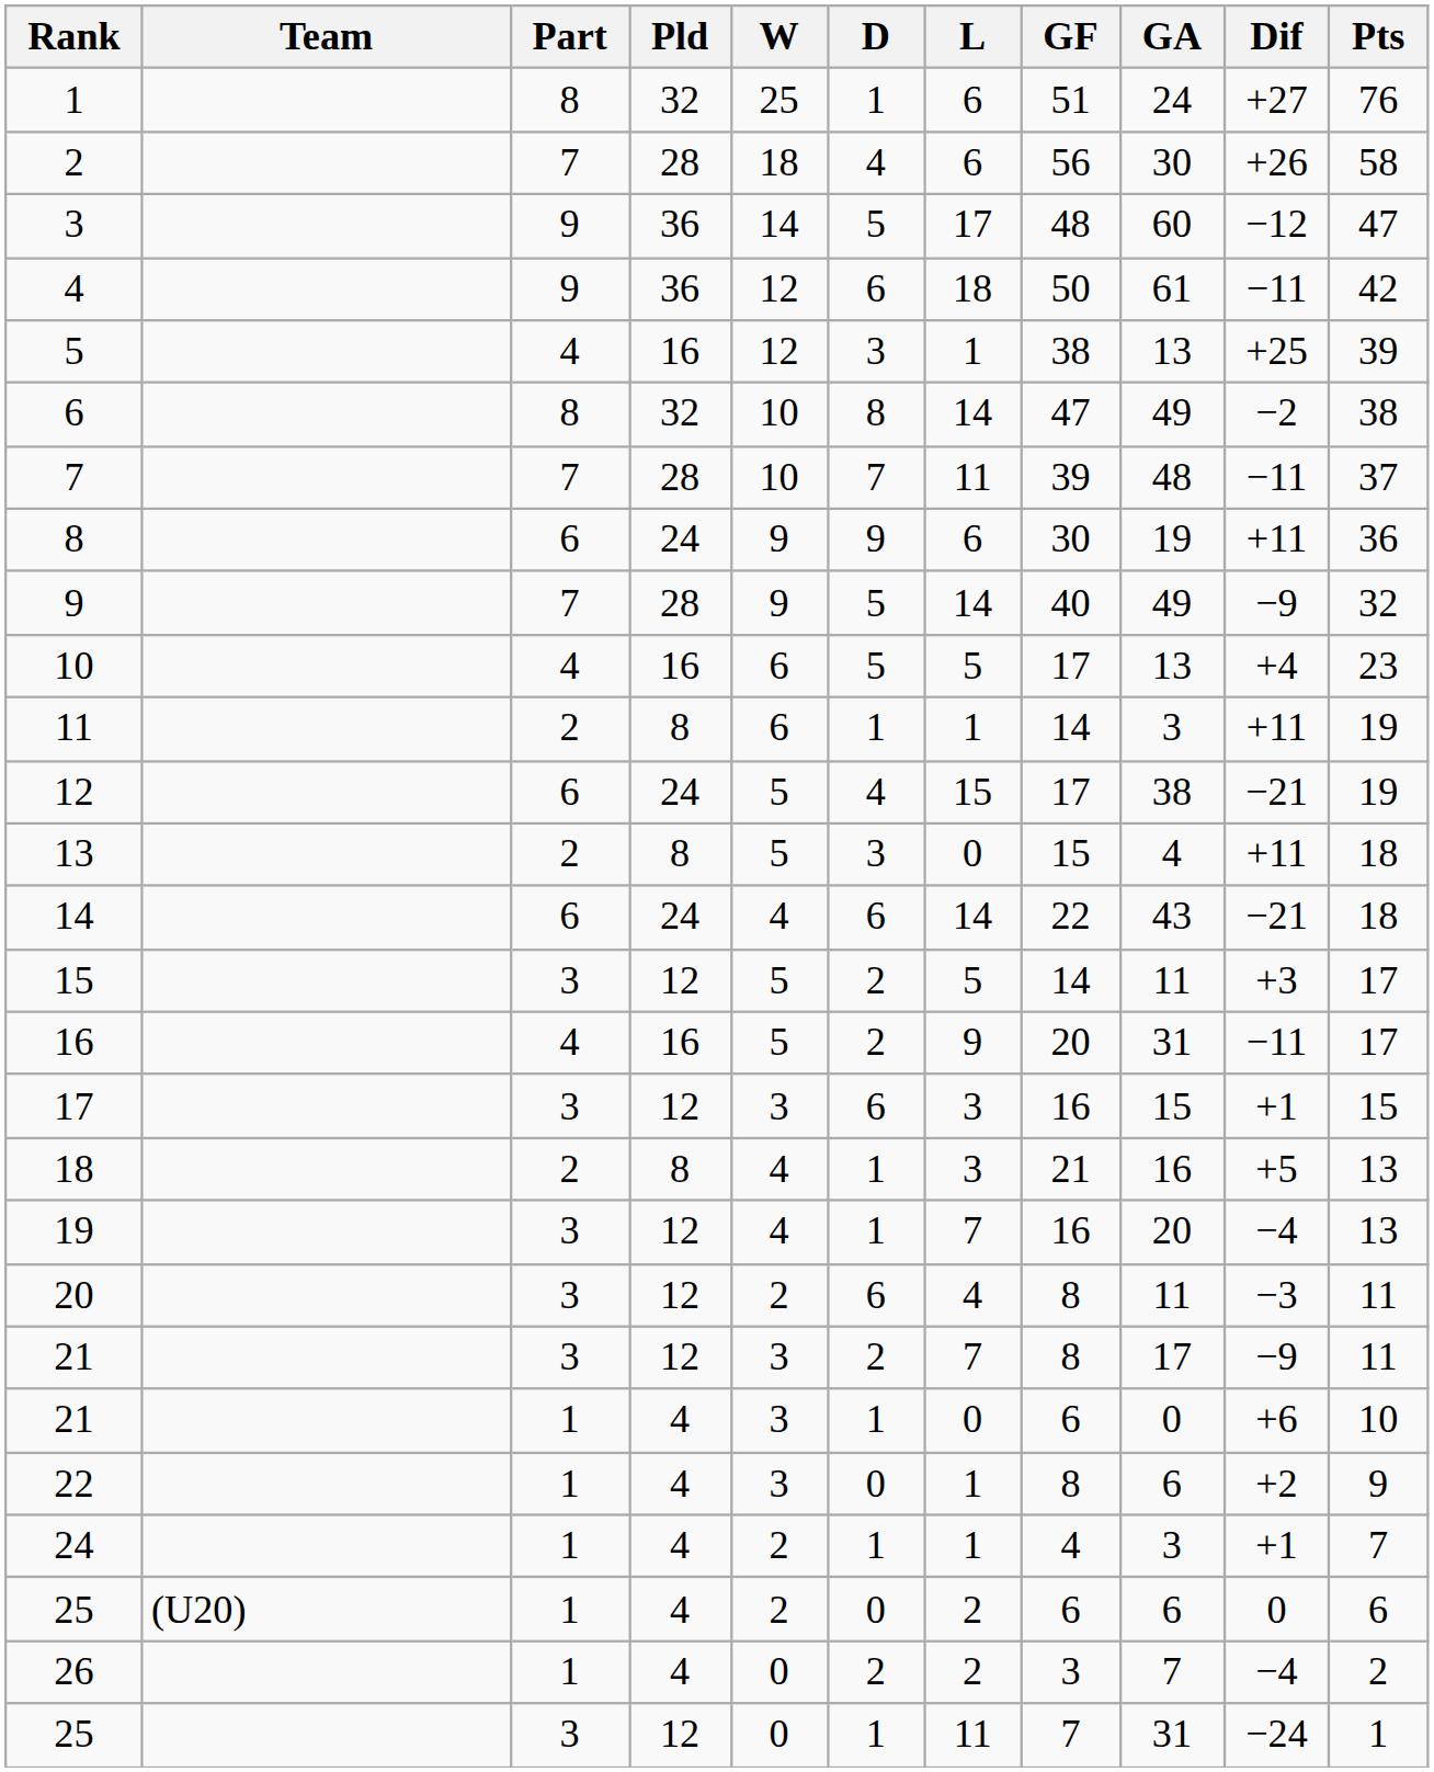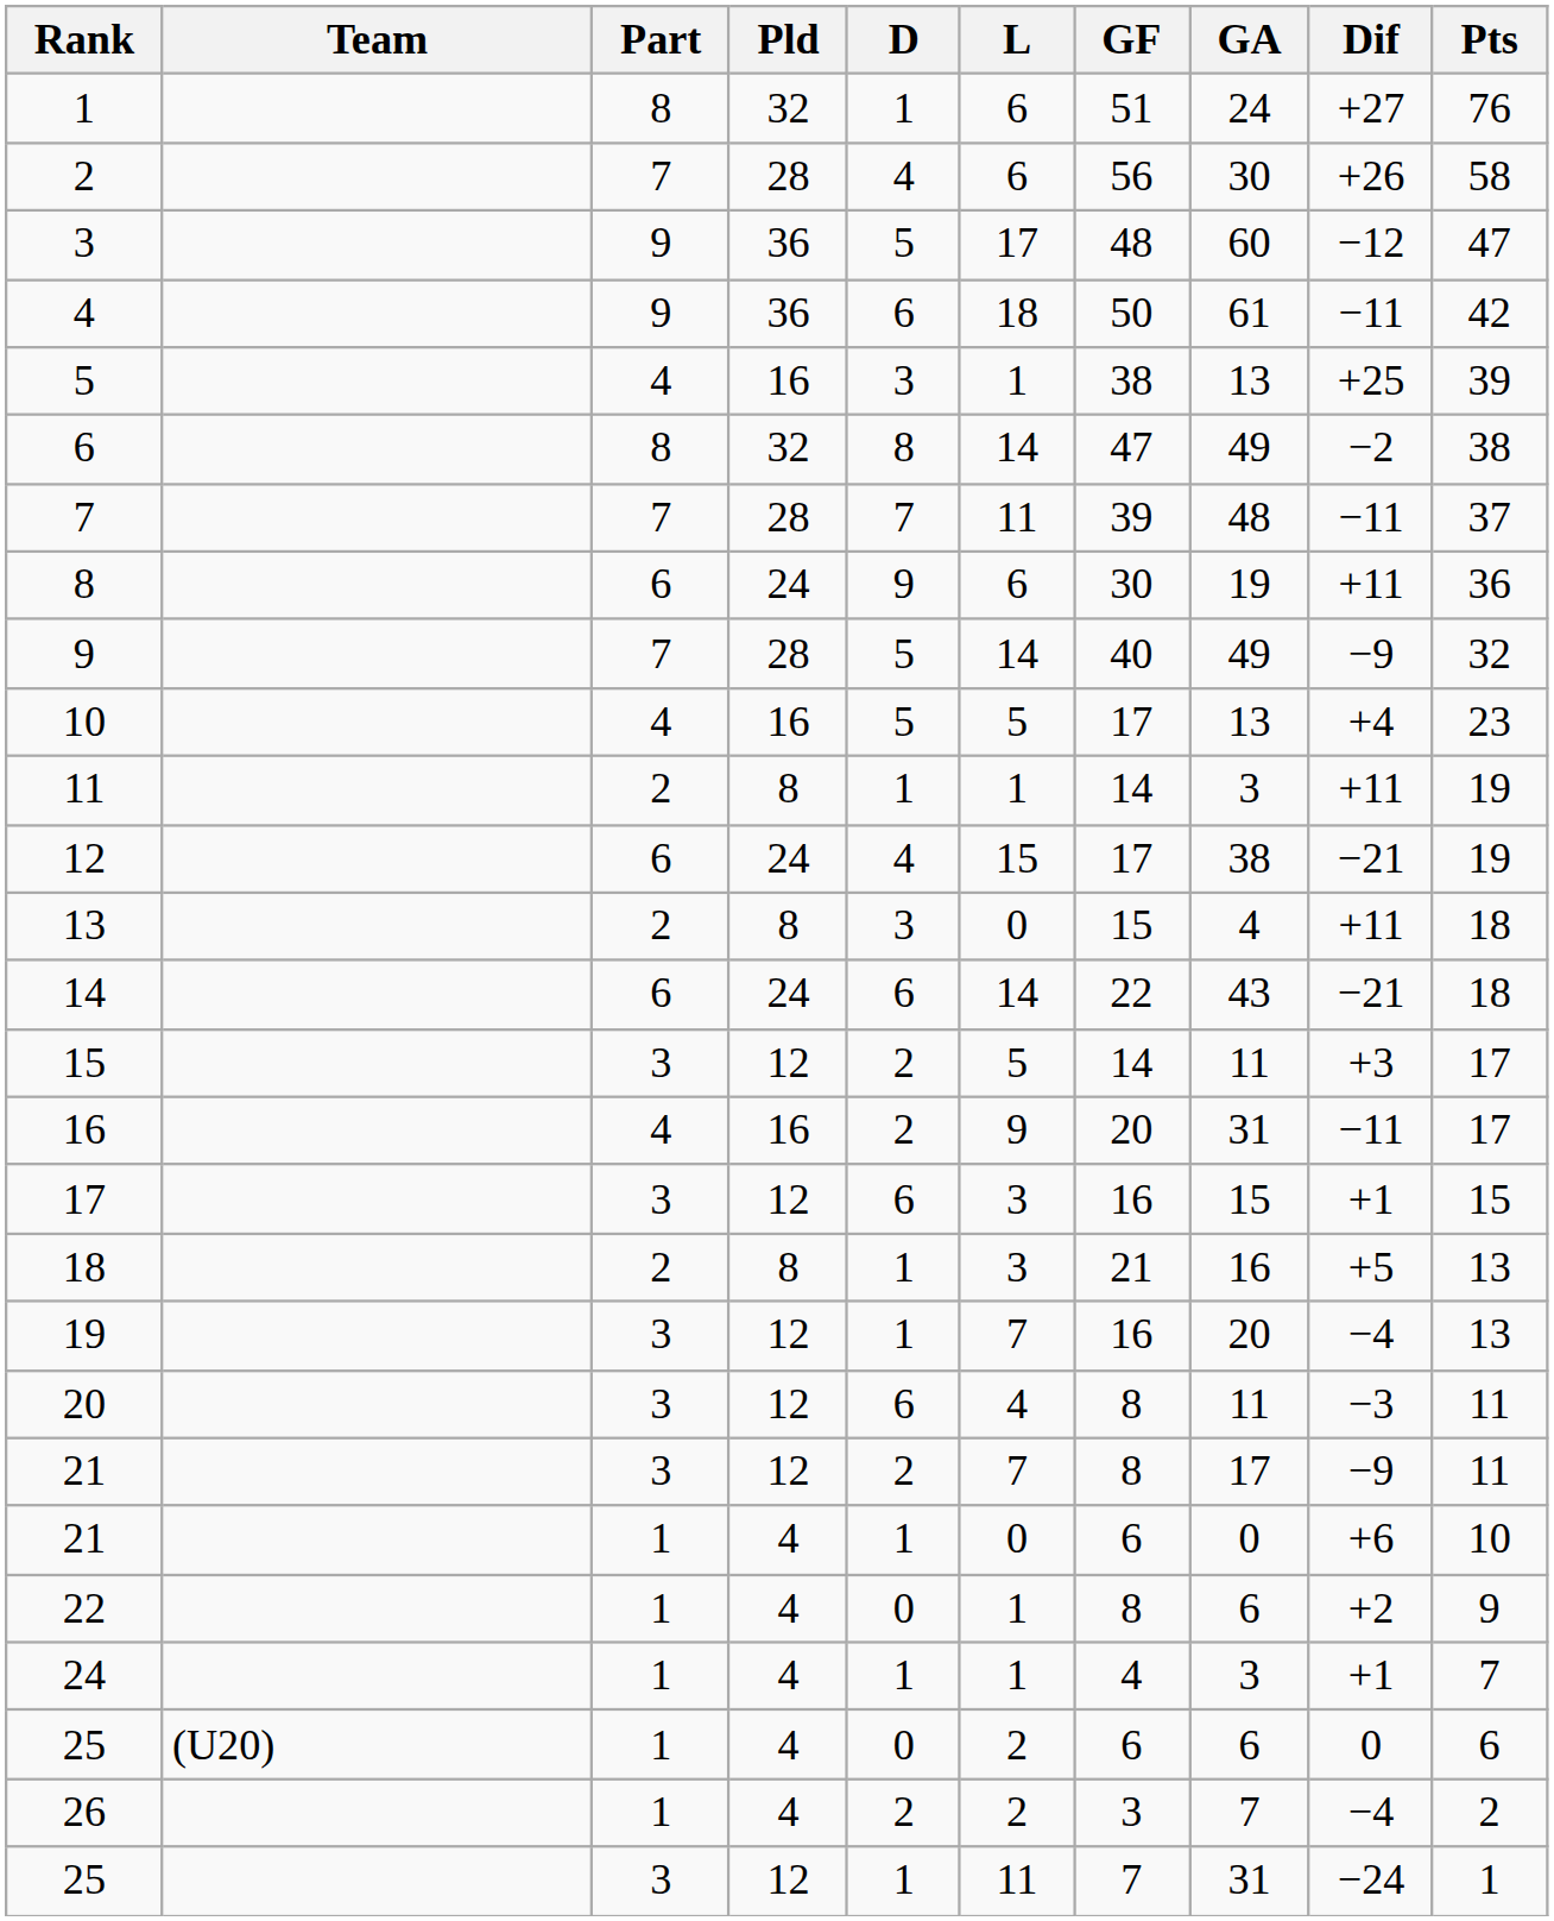 <table class="wikitable sortable" width=65% style="text-align:center">
 <tr>
 <th width=5%>Rank</th>
 <th width=19%>Team</th>
 <th width=5%>Part</th>
 <th width=5%>Pld</th>
-<th width=5%>W</th>
 <th width=5%>D</th>
 <th width=5%>L</th>
 <th width=5%>GF</th>
 <th width=5%>GA</th>
 <th width=5%>Dif</th>
 <th width=5%>Pts</th>
 </tr>
 <tr>
 <td>1</td>
 <td style="text-align:left;"></td>
 <td>8</td>
 <td>32</td>
-<td>25</td>
 <td>1</td>
 <td>6</td>
 <td>51</td>
 <td>24</td>
 <td>+27</td>
 <td>76</td>
 </tr>
 <tr>
 <td>2</td>
 <td style="text-align:left;"></td>
 <td>7</td>
 <td>28</td>
-<td>18</td>
 <td>4</td>
 <td>6</td>
 <td>56</td>
 <td>30</td>
 <td>+26</td>
 <td>58</td>
 </tr>
 <tr>
 <td>3</td>
 <td style="text-align:left;"></td>
 <td>9</td>
 <td>36</td>
-<td>14</td>
 <td>5</td>
 <td>17</td>
 <td>48</td>
 <td>60</td>
 <td>−12</td>
 <td>47</td>
 </tr>
 <tr>
 <td>4</td>
 <td style="text-align:left;"></td>
 <td>9</td>
 <td>36</td>
-<td>12</td>
 <td>6</td>
 <td>18</td>
 <td>50</td>
 <td>61</td>
 <td>−11</td>
 <td>42</td>
 </tr>
 <tr>
 <td>5</td>
 <td style="text-align:left;"></td>
 <td>4</td>
 <td>16</td>
-<td>12</td>
 <td>3</td>
 <td>1</td>
 <td>38</td>
 <td>13</td>
 <td>+25</td>
 <td>39</td>
 </tr>
 <tr>
 <td>6</td>
 <td style="text-align:left;"></td>
 <td>8</td>
 <td>32</td>
-<td>10</td>
 <td>8</td>
 <td>14</td>
 <td>47</td>
 <td>49</td>
 <td>−2</td>
 <td>38</td>
 </tr>
 <tr>
 <td>7</td>
 <td style="text-align:left;"></td>
 <td>7</td>
 <td>28</td>
-<td>10</td>
 <td>7</td>
 <td>11</td>
 <td>39</td>
 <td>48</td>
 <td>−11</td>
 <td>37</td>
 </tr>
 <tr>
 <td>8</td>
 <td style="text-align:left;"></td>
 <td>6</td>
 <td>24</td>
 <td>9</td>
-<td>9</td>
 <td>6</td>
 <td>30</td>
 <td>19</td>
 <td>+11</td>
 <td>36</td>
 </tr>
 <tr>
 <td>9</td>
 <td style="text-align:left;"></td>
 <td>7</td>
 <td>28</td>
-<td>9</td>
 <td>5</td>
 <td>14</td>
 <td>40</td>
 <td>49</td>
 <td>−9</td>
 <td>32</td>
 </tr>
 <tr>
 <td>10</td>
 <td style="text-align:left;"></td>
 <td>4</td>
 <td>16</td>
-<td>6</td>
 <td>5</td>
 <td>5</td>
 <td>17</td>
 <td>13</td>
 <td>+4</td>
 <td>23</td>
 </tr>
 <tr>
 <td>11</td>
 <td style="text-align:left;"></td>
 <td>2</td>
 <td>8</td>
-<td>6</td>
 <td>1</td>
 <td>1</td>
 <td>14</td>
 <td>3</td>
 <td>+11</td>
 <td>19</td>
 </tr>
 <tr>
 <td>12</td>
 <td style="text-align:left;"></td>
 <td>6</td>
 <td>24</td>
-<td>5</td>
 <td>4</td>
 <td>15</td>
 <td>17</td>
 <td>38</td>
 <td>−21</td>
 <td>19</td>
 </tr>
 <tr>
 <td>13</td>
 <td style="text-align:left;"></td>
 <td>2</td>
 <td>8</td>
-<td>5</td>
 <td>3</td>
 <td>0</td>
 <td>15</td>
 <td>4</td>
 <td>+11</td>
 <td>18</td>
 </tr>
 <tr>
 <td>14</td>
 <td style="text-align:left;"></td>
 <td>6</td>
 <td>24</td>
-<td>4</td>
 <td>6</td>
 <td>14</td>
 <td>22</td>
 <td>43</td>
 <td>−21</td>
 <td>18</td>
 </tr>
 <tr>
 <td>15</td>
 <td style="text-align:left;"></td>
 <td>3</td>
 <td>12</td>
-<td>5</td>
 <td>2</td>
 <td>5</td>
 <td>14</td>
 <td>11</td>
 <td>+3</td>
 <td>17</td>
 </tr>
 <tr>
 <td>16</td>
 <td style="text-align:left;"></td>
 <td>4</td>
 <td>16</td>
-<td>5</td>
 <td>2</td>
 <td>9</td>
 <td>20</td>
 <td>31</td>
 <td>−11</td>
 <td>17</td>
 </tr>
 <tr>
 <td>17</td>
 <td style="text-align:left;"></td>
 <td>3</td>
 <td>12</td>
-<td>3</td>
 <td>6</td>
 <td>3</td>
 <td>16</td>
 <td>15</td>
 <td>+1</td>
 <td>15</td>
 </tr>
 <tr>
 <td>18</td>
 <td style="text-align:left;"></td>
 <td>2</td>
 <td>8</td>
-<td>4</td>
 <td>1</td>
 <td>3</td>
 <td>21</td>
 <td>16</td>
 <td>+5</td>
 <td>13</td>
 </tr>
 <tr>
 <td>19</td>
 <td style="text-align:left;"></td>
 <td>3</td>
 <td>12</td>
-<td>4</td>
 <td>1</td>
 <td>7</td>
 <td>16</td>
 <td>20</td>
 <td>−4</td>
 <td>13</td>
 </tr>
 <tr>
 <td>20</td>
 <td style="text-align:left;"></td>
 <td>3</td>
 <td>12</td>
-<td>2</td>
 <td>6</td>
 <td>4</td>
 <td>8</td>
 <td>11</td>
 <td>−3</td>
 <td>11</td>
 </tr>
 <tr>
 <td>21</td>
 <td style="text-align:left;"></td>
 <td>3</td>
 <td>12</td>
-<td>3</td>
 <td>2</td>
 <td>7</td>
 <td>8</td>
 <td>17</td>
 <td>−9</td>
 <td>11</td>
 </tr>
 <tr>
 <td>21</td>
 <td style="text-align:left;"></td>
 <td>1</td>
 <td>4</td>
-<td>3</td>
 <td>1</td>
 <td>0</td>
 <td>6</td>
 <td>0</td>
 <td>+6</td>
 <td>10</td>
 </tr>
 <tr>
 <td>22</td>
 <td style="text-align:left;"></td>
 <td>1</td>
 <td>4</td>
-<td>3</td>
 <td>0</td>
 <td>1</td>
 <td>8</td>
 <td>6</td>
 <td>+2</td>
 <td>9</td>
 </tr>
 <tr>
 <td>24</td>
 <td style="text-align:left;"></td>
 <td>1</td>
 <td>4</td>
-<td>2</td>
 <td>1</td>
 <td>1</td>
 <td>4</td>
 <td>3</td>
 <td>+1</td>
 <td>7</td>
 </tr>
 <tr>
 <td>25</td>
 <td style="text-align:left;"> (U20)</td>
 <td>1</td>
 <td>4</td>
-<td>2</td>
 <td>0</td>
 <td>2</td>
 <td>6</td>
 <td>6</td>
 <td>0</td>
 <td>6</td>
 </tr>
 <tr>
 <td>26</td>
 <td style="text-align:left;"></td>
 <td>1</td>
 <td>4</td>
-<td>0</td>
 <td>2</td>
 <td>2</td>
 <td>3</td>
 <td>7</td>
 <td>−4</td>
 <td>2</td>
 </tr>
 <tr>
 <td>25</td>
 <td style="text-align:left;"></td>
 <td>3</td>
 <td>12</td>
-<td>0</td>
 <td>1</td>
 <td>11</td>
 <td>7</td>
 <td>31</td>
 <td>−24</td>
 <td>1</td>
 </tr>
 </table>
